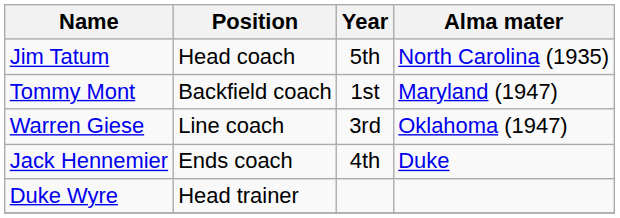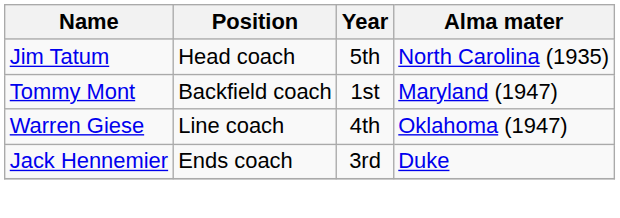 <table class="wikitable" style="border: 10; align: right">
 <tr>
 <th>Name</th>
 <th>Position</th>
 <th>Year</th>
 <th>Alma mater</th>
 </tr>
 <tr>
 <td><a href='#'>Jim Tatum</a></td>
 <td>Head coach</td>
 <td align=center>5th</td>
 <td><a href='#'>North Carolina</a> (1935)</td>
 </tr>
 <tr>
 <td><a href='#'>Tommy Mont</a></td>
 <td>Backfield coach</td>
 <td align=center>1st</td>
 <td><a href='#'>Maryland</a> (1947)</td>
 </tr>
 <tr>
 <td><a href='#'>Warren Giese</a></td>
 <td>Line coach</td>
-<td align=center>3rd</td>
+<td align=center>4th</td>
 <td><a href='#'>Oklahoma</a> (1947)</td>
 </tr>
 <tr>
 <td><a href='#'>Jack Hennemier</a></td>
 <td>Ends coach</td>
-<td align=center>4th</td>
+<td align=center>3rd</td>
 <td><a href='#'>Duke</a></td>
-</tr>
-<tr>
-<td><a href='#'>Duke Wyre</a></td>
-<td>Head trainer</td>
-<td align=center></td>
-<td></td>
 </tr>
 <tr>
 </tr>
 </table>
